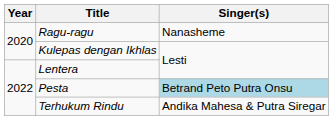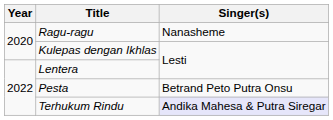 <table class="wikitable sortable">
 <tr>
 <th>Year</th>
 <th>Title</th>
 <th>Singer(s)</th>
 </tr>
 <tr>
 <td rowspan="2">2020</td>
 <td><em>Ragu-ragu</em></td>
 <td>Nanasheme</td>
 </tr>
 <tr>
 <td><em>Kulepas dengan Ikhlas</em></td>
 <td rowspan="2">Lesti</td>
 </tr>
 <tr>
 <td rowspan="3">2022</td>
 <td><em>Lentera</em></td>
 </tr>
 <tr>
 <td><em>Pesta</em></td>
-<td style="background: lightblue;">Betrand Peto Putra Onsu</td>
+<td>Betrand Peto Putra Onsu</td>
 </tr>
 <tr>
 <td><em>Terhukum Rindu</em></td>
-<td>Andika Mahesa & Putra Siregar</td>
+<td style="background: lavender;">Andika Mahesa & Putra Siregar</td>
 </tr>
 </table>
